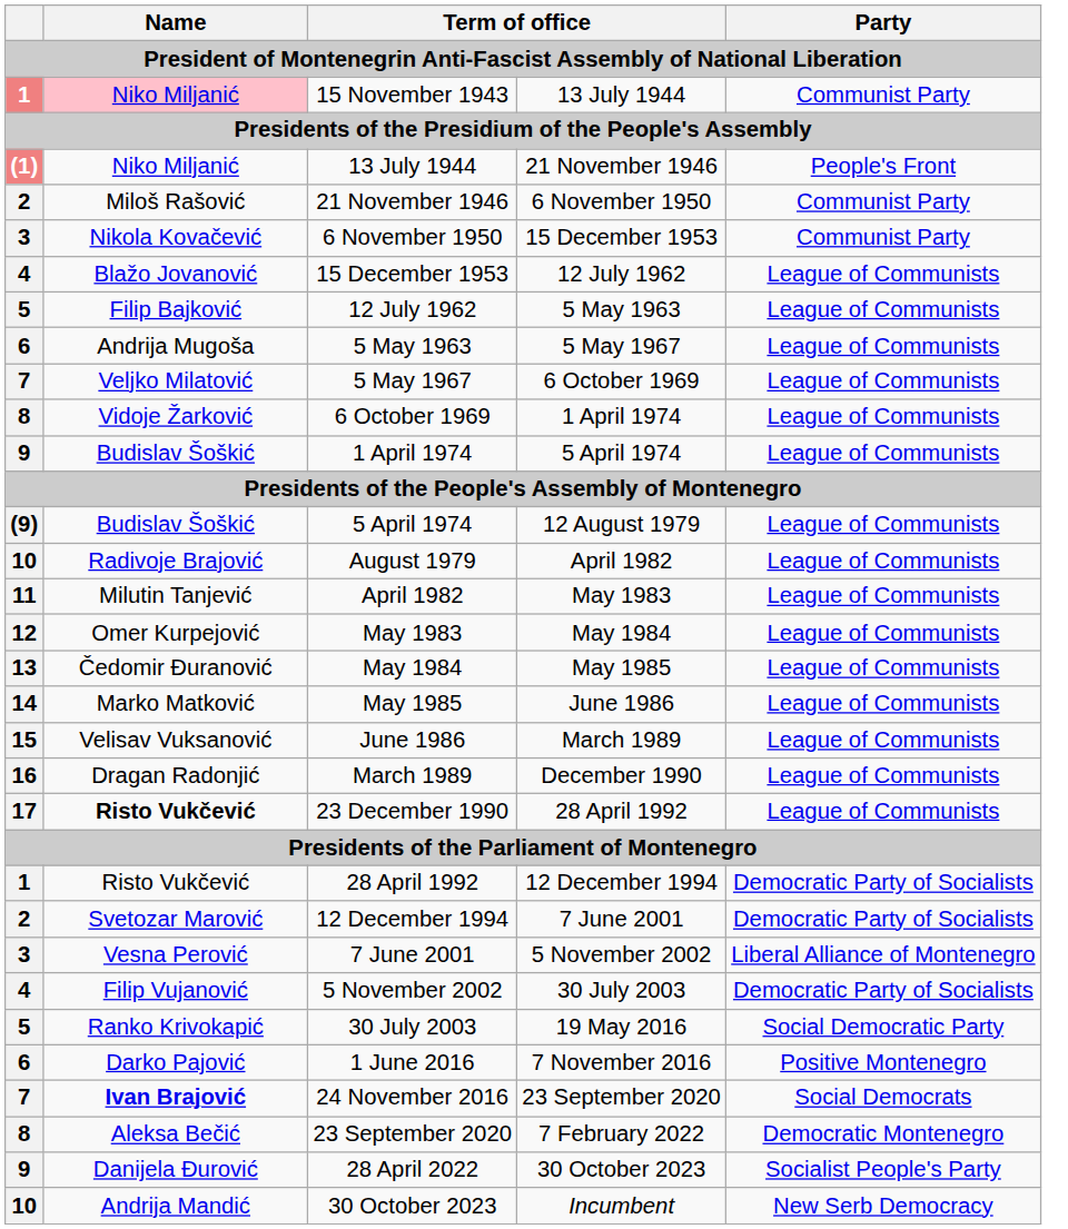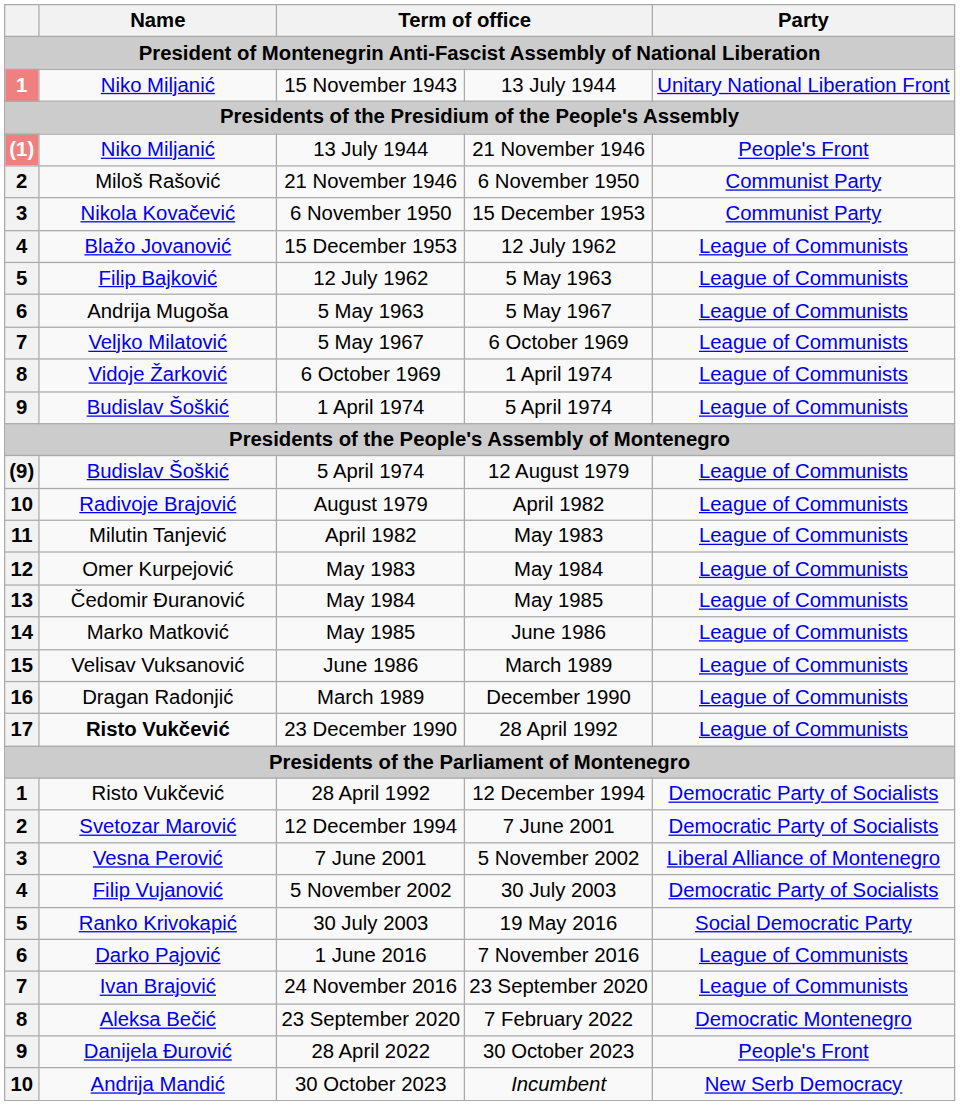 <table class="wikitable" style="text-align:center">
 <tr>
 <th></th>
 <th width=180>Name<br></th>
 <th colspan=2>Term of office</th>
 <th>Party</th>
 </tr>
 <tr>
 <td colspan="6" bgcolor="cccccc"><strong>President of Montenegrin Anti-Fascist Assembly of National Liberation</strong></td>
 </tr>
 <tr>
 <th style="background:#F08080; color:white;">1</th>
-<td style="background: pink;"><a href='#'>Niko Miljanić</a><br></td>
+<td><a href='#'>Niko Miljanić</a><br></td>
 <td>15 November 1943</td>
 <td>13 July 1944</td>
-<td><a href='#'>Communist Party</a></td>
+<td><a href='#'>Unitary National Liberation Front</a></td>
 </tr>
 <tr>
 <td colspan="6" bgcolor="cccccc"><strong>Presidents of the Presidium of the People's Assembly</strong></td>
 </tr>
 <tr>
 <th style="background:#F08080; color:white;">(1)</th>
 <td><a href='#'>Niko Miljanić</a><br></td>
 <td>13 July 1944</td>
 <td>21 November 1946</td>
 <td><a href='#'>People's Front</a></td>
 </tr>
 <tr>
 <th style="background:">2</th>
 <td>Miloš Rašović<br></td>
 <td>21 November 1946</td>
 <td>6 November 1950</td>
 <td><a href='#'>Communist Party</a></td>
 </tr>
 <tr>
 <th style="background:">3</th>
 <td><a href='#'>Nikola Kovačević</a><br></td>
 <td>6 November 1950</td>
 <td>15 December 1953</td>
 <td><a href='#'>Communist Party</a></td>
 </tr>
 <tr>
 <th style="background:">4</th>
 <td><a href='#'>Blažo Jovanović</a><br></td>
 <td>15 December 1953</td>
 <td>12 July 1962</td>
 <td><a href='#'>League of Communists</a></td>
 </tr>
 <tr>
 <th style="background:">5</th>
 <td><a href='#'>Filip Bajković</a><br></td>
 <td>12 July 1962</td>
 <td>5 May 1963</td>
 <td><a href='#'>League of Communists</a></td>
 </tr>
 <tr>
 <th style="background:">6</th>
 <td>Andrija Mugoša<br></td>
 <td>5 May 1963</td>
 <td>5 May 1967</td>
 <td><a href='#'>League of Communists</a></td>
 </tr>
 <tr>
 <th style="background:">7</th>
 <td><a href='#'>Veljko Milatović</a><br></td>
 <td>5 May 1967</td>
 <td>6 October 1969</td>
 <td><a href='#'>League of Communists</a></td>
 </tr>
 <tr>
 <th style="background:">8</th>
 <td><a href='#'>Vidoje Žarković</a><br></td>
 <td>6 October 1969</td>
 <td>1 April 1974</td>
 <td><a href='#'>League of Communists</a></td>
 </tr>
 <tr>
 <th style="background:">9</th>
 <td><a href='#'>Budislav Šoškić</a><br></td>
 <td>1 April 1974</td>
 <td>5 April 1974</td>
 <td><a href='#'>League of Communists</a></td>
 </tr>
 <tr>
 <td colspan="6" bgcolor="cccccc"><strong>Presidents of the People's Assembly of Montenegro</strong></td>
 </tr>
 <tr>
 <th style="background:">(9)</th>
 <td><a href='#'>Budislav Šoškić</a><br></td>
 <td>5 April 1974</td>
 <td>12 August 1979</td>
 <td><a href='#'>League of Communists</a></td>
 </tr>
 <tr>
 <th style="background:">10</th>
 <td><a href='#'>Radivoje Brajović</a><br></td>
 <td>August 1979</td>
 <td>April 1982</td>
 <td><a href='#'>League of Communists</a></td>
 </tr>
 <tr>
 <th style="background:">11</th>
 <td>Milutin Tanjević<br></td>
 <td>April 1982</td>
 <td>May 1983</td>
 <td><a href='#'>League of Communists</a></td>
 </tr>
 <tr>
 <th style="background:">12</th>
 <td>Omer Kurpejović<br></td>
 <td>May 1983</td>
 <td>May 1984</td>
 <td><a href='#'>League of Communists</a></td>
 </tr>
 <tr>
 <th style="background:">13</th>
 <td>Čedomir Đuranović<br></td>
 <td>May 1984</td>
 <td>May 1985</td>
 <td><a href='#'>League of Communists</a></td>
 </tr>
 <tr>
 <th style="background:">14</th>
 <td>Marko Matković<br></td>
 <td>May 1985</td>
 <td>June 1986</td>
 <td><a href='#'>League of Communists</a></td>
 </tr>
 <tr>
 <th style="background:">15</th>
 <td>Velisav Vuksanović<br></td>
 <td>June 1986</td>
 <td>March 1989</td>
 <td><a href='#'>League of Communists</a></td>
 </tr>
 <tr>
 <th style="background:">16</th>
 <td>Dragan Radonjić<br></td>
 <td>March 1989</td>
 <td>December 1990</td>
 <td><a href='#'>League of Communists</a></td>
 </tr>
 <tr>
 <th style="background:">17</th>
 <td><strong>Risto Vukčević<br></strong></td>
 <td>23 December 1990</td>
 <td>28 April 1992</td>
 <td><a href='#'>League of Communists</a></td>
 </tr>
 <tr>
 <td colspan="6" bgcolor="cccccc"><strong>Presidents of the Parliament of Montenegro</strong></td>
 </tr>
 <tr>
 <th style="background:">1<br></th>
 <td>Risto Vukčević<br></td>
 <td>28 April 1992</td>
 <td>12 December 1994</td>
 <td><a href='#'>Democratic Party of Socialists</a></td>
 </tr>
 <tr>
 <th style="background:">2<br></th>
 <td><a href='#'>Svetozar Marović</a><br></td>
 <td>12 December 1994</td>
 <td>7 June 2001</td>
 <td><a href='#'>Democratic Party of Socialists</a></td>
 </tr>
 <tr>
 <th style="background:">3<br></th>
 <td><a href='#'>Vesna Perović</a><br></td>
 <td>7 June 2001</td>
 <td>5 November 2002</td>
 <td><a href='#'>Liberal Alliance of Montenegro</a></td>
 </tr>
 <tr>
 <th style="background:">4<br></th>
 <td><a href='#'>Filip Vujanović</a><br></td>
 <td>5 November 2002</td>
 <td>30 July 2003</td>
 <td><a href='#'>Democratic Party of Socialists</a></td>
 </tr>
 <tr>
 <th style="background:">5<br></th>
 <td><a href='#'>Ranko Krivokapić</a><br></td>
 <td>30 July 2003</td>
 <td>19 May 2016</td>
 <td><a href='#'>Social Democratic Party</a></td>
 </tr>
 <tr>
 <th style="background:">6<br></th>
 <td><a href='#'>Darko Pajović</a><br></td>
 <td>1 June 2016</td>
 <td>7 November 2016</td>
-<td><a href='#'>Positive Montenegro</a></td>
+<td><a href='#'>League of Communists</a></td>
 </tr>
 <tr>
 <th style="background:">7<br></th>
-<td><strong><a href='#'>Ivan Brajović</a><br></strong></td>
+<td><a href='#'>Ivan Brajović</a><br></td>
 <td>24 November 2016</td>
 <td>23 September 2020</td>
-<td><a href='#'>Social Democrats</a></td>
+<td><a href='#'>League of Communists</a></td>
 </tr>
 <tr>
 <th style="background:">8<br></th>
 <td><a href='#'>Aleksa Bečić</a><br></td>
 <td>23 September 2020</td>
 <td>7 February 2022</td>
 <td><a href='#'>Democratic Montenegro</a></td>
 </tr>
 <tr>
 <th style="background:">9<br></th>
 <td><a href='#'>Danijela Đurović</a><br></td>
 <td>28 April 2022</td>
 <td>30 October 2023</td>
-<td><a href='#'>Socialist People's Party</a></td>
+<td><a href='#'>People's Front</a></td>
 </tr>
 <tr>
 <th style="background:">10<br></th>
 <td><a href='#'>Andrija Mandić</a><br></td>
 <td>30 October 2023</td>
 <td><em>Incumbent</em></td>
 <td><a href='#'>New Serb Democracy</a></td>
 </tr>
 </table>
